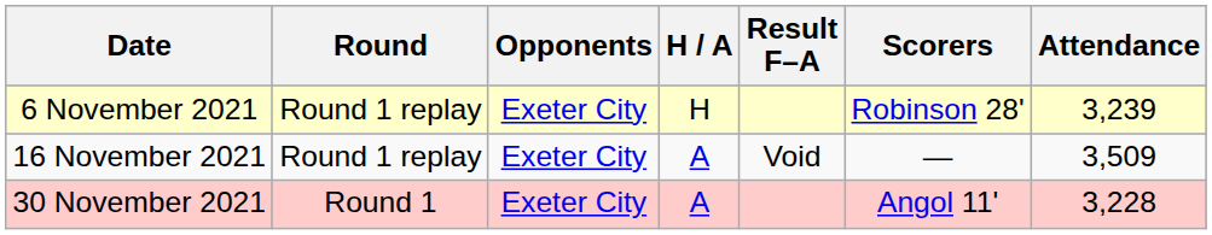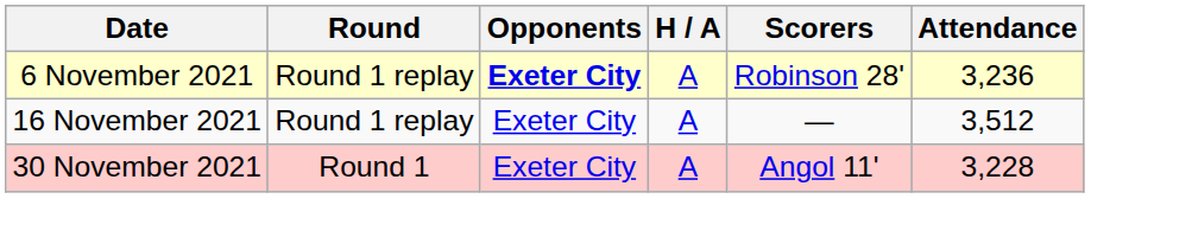 <table class="wikitable" style="text-align:center">
 <tr>
 <th>Date</th>
 <th>Round</th>
 <th>Opponents</th>
 <th>H / A</th>
-<th>Result<br>F–A</th>
 <th>Scorers</th>
 <th>Attendance</th>
 </tr>
 <tr bgcolor="#ffffcc">
 <td>6 November 2021</td>
 <td>Round 1 replay</td>
-<td><a href='#'>Exeter City</a></td>
-<td>H</td>
-<td></td>
+<td><strong><a href='#'>Exeter City</a></strong></td>
+<td><a href='#'>A</a></td>
 <td><a href='#'>Robinson</a> 28'</td>
-<td>3,239</td>
+<td>3,236</td>
 </tr>
 <tr>
 <td>16 November 2021</td>
 <td>Round 1 replay</td>
 <td><a href='#'>Exeter City</a></td>
 <td><a href='#'>A</a></td>
-<td>  Void</td>
 <td>—</td>
-<td>3,509</td>
+<td>3,512</td>
 </tr>
 <tr bgcolor="#ffcccc">
 <td>30 November 2021</td>
 <td>Round 1</td>
 <td><a href='#'>Exeter City</a></td>
 <td><a href='#'>A</a></td>
-<td></td>
 <td><a href='#'>Angol</a> 11'</td>
 <td>3,228</td>
 </tr>
 </table>
